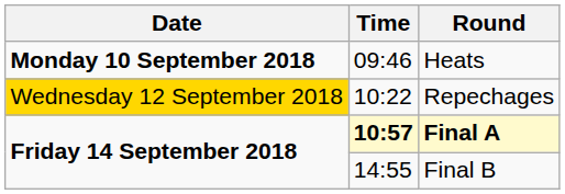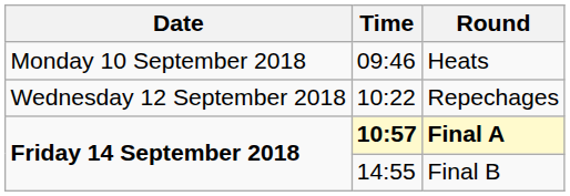 <table class="wikitable">
 <tr>
 <th>Date</th>
 <th>Time</th>
 <th>Round</th>
 </tr>
 <tr>
-<td><strong>Monday 10 September 2018</strong></td>
+<td>Monday 10 September 2018</td>
 <td>09:46</td>
 <td>Heats</td>
 </tr>
 <tr>
-<td style="background: gold;">Wednesday 12 September 2018</td>
+<td>Wednesday 12 September 2018</td>
 <td>10:22</td>
 <td>Repechages</td>
 </tr>
 <tr>
 <td rowspan=2><strong>Friday 14 September 2018</strong></td>
 <td style=background:lemonchiffon><strong>10:57</strong></td>
 <td style=background:lemonchiffon><strong>Final A</strong></td>
 </tr>
 <tr>
 <td>14:55</td>
 <td>Final B</td>
 </tr>
 </table>
